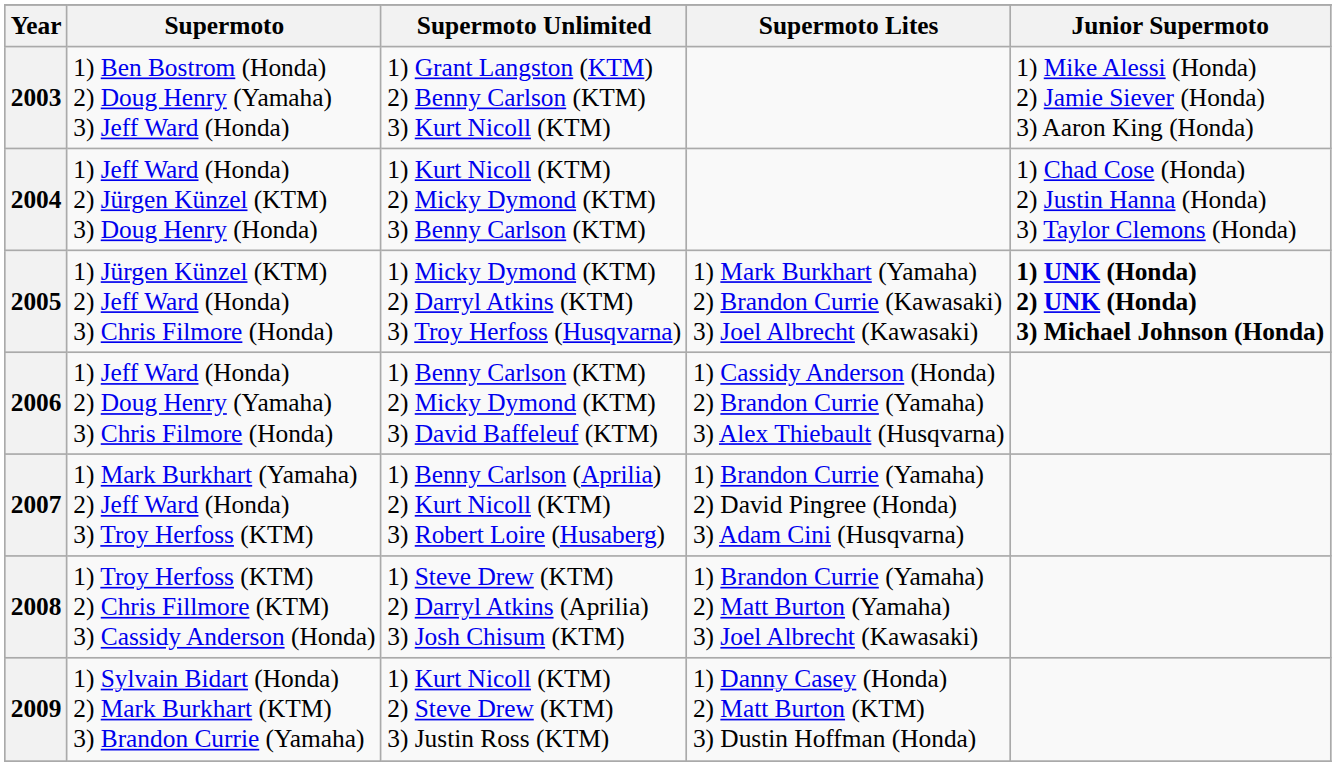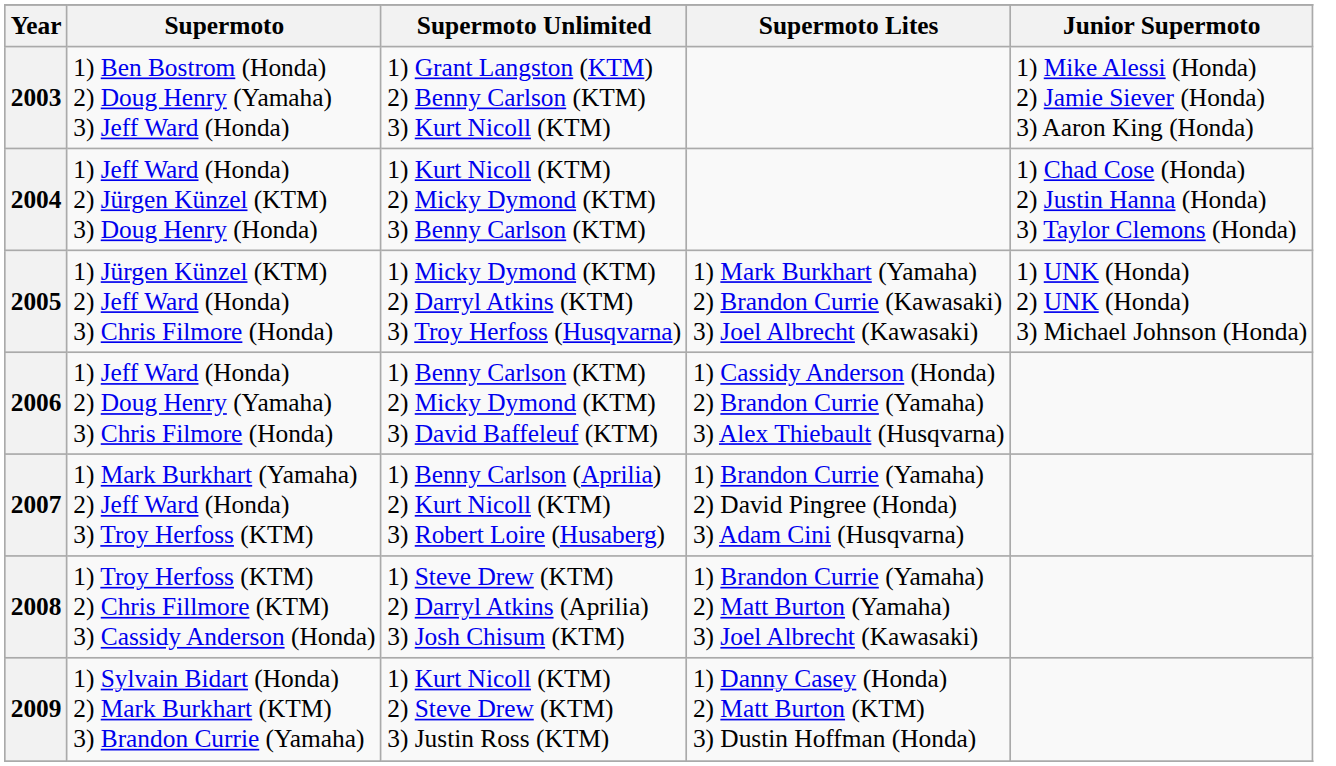 <table class="wikitable" style="font-size: 95%;">
 <tr style="background:#efefefef">
 </tr>
 <tr>
 <th>Year</th>
 <th>Supermoto</th>
 <th>Supermoto Unlimited</th>
 <th>Supermoto Lites</th>
 <th>Junior Supermoto</th>
 </tr>
 <tr>
 <th align=center>2003</th>
 <td>1)  <a href='#'>Ben Bostrom</a> (Honda)<br>2)  <a href='#'>Doug Henry</a> (Yamaha)<br>3)  <a href='#'>Jeff Ward</a> (Honda)</td>
 <td>1)  <a href='#'>Grant Langston</a> (<a href='#'>KTM</a>)<br>2)  <a href='#'>Benny Carlson</a> (KTM)<br>3)  <a href='#'>Kurt Nicoll</a> (KTM)</td>
 <td><br><br><br></td>
 <td>1)  <a href='#'>Mike Alessi</a> (Honda)<br>2)  <a href='#'>Jamie Siever</a> (Honda)<br>3)  Aaron King (Honda)</td>
 </tr>
 <tr>
 <th align=center>2004</th>
 <td>1)  <a href='#'>Jeff Ward</a> (Honda)<br>2)  <a href='#'>Jürgen Künzel</a> (KTM)<br>3)  <a href='#'>Doug Henry</a> (Honda)</td>
 <td>1)  <a href='#'>Kurt Nicoll</a> (KTM)<br>2)  <a href='#'>Micky Dymond</a> (KTM)<br>3)  <a href='#'>Benny Carlson</a> (KTM)</td>
 <td><br><br><br></td>
 <td>1)  <a href='#'>Chad Cose</a> (Honda)<br>2) <a href='#'>Justin Hanna</a> (Honda)<br>3) <a href='#'>Taylor Clemons</a> (Honda)</td>
 </tr>
 <tr>
 <th align=center>2005</th>
 <td>1)  <a href='#'>Jürgen Künzel</a> (KTM)<br>2)  <a href='#'>Jeff Ward</a> (Honda)<br>3)  <a href='#'>Chris Filmore</a> (Honda)</td>
 <td>1)  <a href='#'>Micky Dymond</a> (KTM)<br>2)  <a href='#'>Darryl Atkins</a> (KTM)<br>3)  <a href='#'>Troy Herfoss</a> (<a href='#'>Husqvarna</a>)</td>
 <td>1)  <a href='#'>Mark Burkhart</a> (Yamaha)<br>2)  <a href='#'>Brandon Currie</a> (Kawasaki)<br>3)  <a href='#'>Joel Albrecht</a> (Kawasaki)</td>
-<td><strong>1) <a href='#'>UNK</a> (Honda)<br>2) <a href='#'>UNK</a> (Honda)<br>3)  Michael Johnson (Honda)</strong></td>
+<td>1) <a href='#'>UNK</a> (Honda)<br>2) <a href='#'>UNK</a> (Honda)<br>3)  Michael Johnson (Honda)</td>
 </tr>
 <tr>
 <th align=center>2006</th>
 <td>1)  <a href='#'>Jeff Ward</a> (Honda)<br>2)  <a href='#'>Doug Henry</a> (Yamaha)<br>3)  <a href='#'>Chris Filmore</a> (Honda)</td>
 <td>1)   <a href='#'>Benny Carlson</a> (KTM)<br>2)  <a href='#'>Micky Dymond</a> (KTM)<br>3)  <a href='#'>David Baffeleuf</a> (KTM)</td>
 <td>1)   <a href='#'>Cassidy Anderson</a> (Honda)<br>2)  <a href='#'>Brandon Currie</a> (Yamaha)<br>3)  <a href='#'>Alex Thiebault</a> (Husqvarna)</td>
 <td><br><br><br></td>
 </tr>
 <tr>
 <th align=center>2007</th>
 <td>1)   <a href='#'>Mark Burkhart</a> (Yamaha)<br>2)  <a href='#'>Jeff Ward</a> (Honda)<br>3)  <a href='#'>Troy Herfoss</a> (KTM)</td>
 <td>1)   <a href='#'>Benny Carlson</a> (<a href='#'>Aprilia</a>)<br>2)  <a href='#'>Kurt Nicoll</a> (KTM)<br>3)  <a href='#'>Robert Loire</a> (<a href='#'>Husaberg</a>)</td>
 <td>1)   <a href='#'>Brandon Currie</a> (Yamaha)<br>2)  David Pingree (Honda)<br>3)  <a href='#'>Adam Cini</a> (Husqvarna)</td>
 <td><br><br><br></td>
 </tr>
 <tr>
 <th align=center>2008</th>
 <td>1)  <a href='#'>Troy Herfoss</a> (KTM)<br>2)  <a href='#'>Chris Fillmore</a> (KTM)<br>3)  <a href='#'>Cassidy Anderson</a> (Honda)</td>
 <td>1)   <a href='#'>Steve Drew</a> (KTM)<br>2)  <a href='#'>Darryl Atkins</a> (Aprilia)<br>3)  <a href='#'>Josh Chisum</a> (KTM)</td>
 <td>1)   <a href='#'>Brandon Currie</a> (Yamaha)<br>2)  <a href='#'>Matt Burton</a> (Yamaha)<br>3)  <a href='#'>Joel Albrecht</a> (Kawasaki)</td>
 <td><br><br><br></td>
 </tr>
 <tr>
 <th align=center>2009</th>
 <td>1)  <a href='#'>Sylvain Bidart</a> (Honda)<br>2)  <a href='#'>Mark Burkhart</a> (KTM)<br>3)  <a href='#'>Brandon Currie</a> (Yamaha)</td>
 <td>1)  <a href='#'>Kurt Nicoll</a> (KTM)<br>2)  <a href='#'>Steve Drew</a> (KTM)<br>3)  Justin Ross (KTM)</td>
 <td>1)   <a href='#'>Danny Casey</a> (Honda)<br>2)  <a href='#'>Matt Burton</a> (KTM)<br>3)  Dustin Hoffman (Honda)</td>
 <td><br><br><br></td>
 </tr>
 <tr>
 </tr>
 </table>
